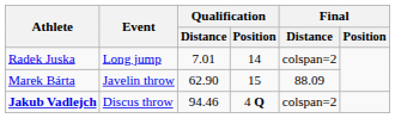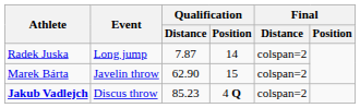 <table class="wikitable" style="font-size:90%">
 <tr>
 <th rowspan="2">Athlete</th>
 <th rowspan="2">Event</th>
 <th colspan="2">Qualification</th>
 <th colspan="2">Final</th>
 </tr>
 <tr style="font-size:95%">
 <th>Distance</th>
 <th>Position</th>
 <th>Distance</th>
 <th>Position</th>
 </tr>
 <tr align="center">
 <td align="left"><a href='#'>Radek Juska</a></td>
 <td align="left"><a href='#'>Long jump</a></td>
-<td>7.01</td>
+<td>7.87</td>
 <td>14</td>
 <td>colspan=2 </td>
 </tr>
 <tr align="center">
 <td align="left"><a href='#'>Marek Bárta</a></td>
 <td align="left"><a href='#'>Javelin throw</a></td>
 <td>62.90</td>
 <td>15</td>
-<td>88.09</td>
+<td>colspan=2 </td>
 </tr>
 <tr align="center">
 <td align="left"><strong><a href='#'>Jakub Vadlejch</a></strong></td>
 <td align="left"><a href='#'>Discus throw</a></td>
-<td>94.46</td>
+<td>85.23</td>
 <td>4 <strong>Q</strong></td>
 <td>colspan=2 </td>
 <td></td>
 </tr>
 </table>
